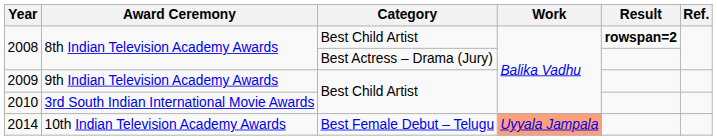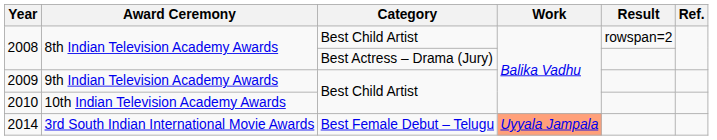 <table class="wikitable">
 <tr>
 <th>Year</th>
 <th>Award Ceremony</th>
 <th>Category</th>
 <th>Work</th>
 <th>Result</th>
 <th>Ref.</th>
 </tr>
 <tr>
 <td rowspan=2>2008</td>
 <td rowspan=2>8th <a href='#'>Indian Television Academy Awards</a></td>
 <td>Best Child Artist</td>
 <td rowspan="4"><em><a href='#'>Balika Vadhu</a></em></td>
-<td><strong>rowspan=2 </strong></td>
+<td>rowspan=2 </td>
 <td rowspan=2><br></td>
 </tr>
 <tr>
 <td>Best Actress – Drama (Jury)</td>
 </tr>
 <tr>
 <td>2009</td>
 <td>9th <a href='#'>Indian Television Academy Awards</a></td>
 <td rowspan="2">Best Child Artist</td>
 <td></td>
 <td></td>
 </tr>
 <tr>
 <td>2010</td>
-<td><a href='#'>3rd South Indian International Movie Awards</a></td>
+<td>10th <a href='#'>Indian Television Academy Awards</a></td>
 <td></td>
 <td><br></td>
 </tr>
 <tr>
 <td>2014</td>
-<td>10th <a href='#'>Indian Television Academy Awards</a></td>
+<td><a href='#'>3rd South Indian International Movie Awards</a></td>
 <td><a href='#'>Best Female Debut – Telugu</a></td>
 <td style="background: lightsalmon;"><em><a href='#'>Uyyala Jampala</a></em></td>
 <td></td>
 <td></td>
 </tr>
 </table>
